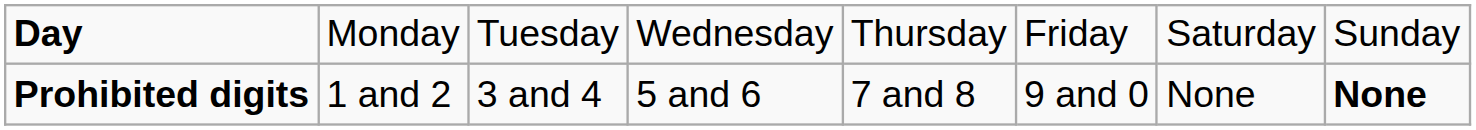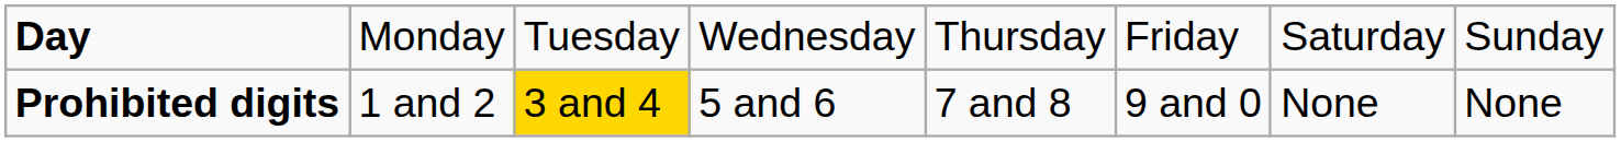 <table class="wikitable">
 <tr>
 <td><strong>Day</strong></td>
 <td>Monday</td>
 <td>Tuesday</td>
 <td>Wednesday</td>
 <td>Thursday</td>
 <td>Friday</td>
 <td>Saturday</td>
 <td>Sunday</td>
 </tr>
 <tr>
 <td><strong>Prohibited digits</strong></td>
 <td>1 and 2</td>
-<td>3 and 4</td>
+<td style="background: gold;">3 and 4</td>
 <td>5 and 6</td>
 <td>7 and 8</td>
 <td>9 and 0</td>
 <td>None</td>
-<td><strong>None</strong></td>
+<td>None</td>
 </tr>
 </table>
